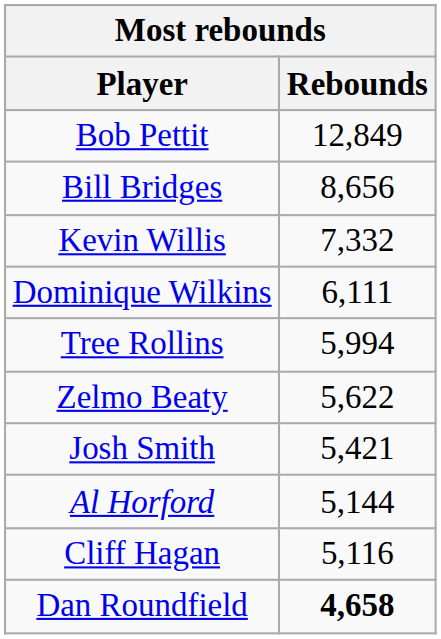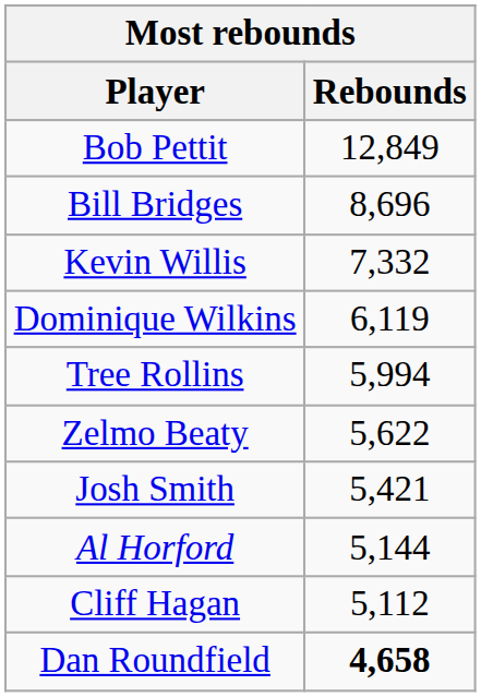 <table class="wikitable sortable" style="text-align:center">
 <tr>
 <th colspan="2">Most rebounds</th>
 </tr>
 <tr>
 <th>Player</th>
 <th>Rebounds</th>
 </tr>
 <tr>
 <td><a href='#'>Bob Pettit</a></td>
 <td>12,849</td>
 </tr>
 <tr>
 <td><a href='#'>Bill Bridges</a></td>
-<td>8,656</td>
+<td>8,696</td>
 </tr>
 <tr>
 <td><a href='#'>Kevin Willis</a></td>
 <td>7,332</td>
 </tr>
 <tr>
 <td><a href='#'>Dominique Wilkins</a></td>
-<td>6,111</td>
+<td>6,119</td>
 </tr>
 <tr>
 <td><a href='#'>Tree Rollins</a></td>
 <td>5,994</td>
 </tr>
 <tr>
 <td><a href='#'>Zelmo Beaty</a></td>
 <td>5,622</td>
 </tr>
 <tr>
 <td><a href='#'>Josh Smith</a></td>
 <td>5,421</td>
 </tr>
 <tr>
 <td><em><a href='#'>Al Horford</a></em></td>
 <td>5,144</td>
 </tr>
 <tr>
 <td><a href='#'>Cliff Hagan</a></td>
-<td>5,116</td>
+<td>5,112</td>
 </tr>
 <tr>
 <td><a href='#'>Dan Roundfield</a></td>
 <td><strong>4,658</strong></td>
 </tr>
 </table>
